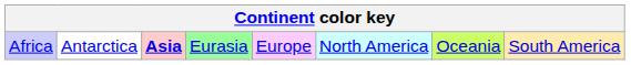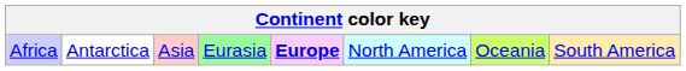 <table class="wikitable">
 <tr>
 <th colspan="8"><a href='#'>Continent</a> color key</th>
 </tr>
 <tr>
 <td bgcolor="#CCCCFF"><a href='#'>Africa</a></td>
 <td bgcolor="#FFFFFF"><a href='#'>Antarctica</a></td>
-<td bgcolor="#FFCBCB"><strong><a href='#'>Asia</a></strong></td>
+<td bgcolor="#FFCBCB"><a href='#'>Asia</a></td>
 <td bgcolor="#98FF98"><a href='#'>Eurasia</a></td>
-<td bgcolor="#FFCCFF"><a href='#'>Europe</a></td>
+<td bgcolor="#FFCCFF"><strong><a href='#'>Europe</a></strong></td>
 <td bgcolor="#CCFFFF"><a href='#'>North America</a></td>
 <td bgcolor="#CCFF66"><a href='#'>Oceania</a></td>
 <td bgcolor="#FFEBAD"><a href='#'>South America</a></td>
 </tr>
 </table>
